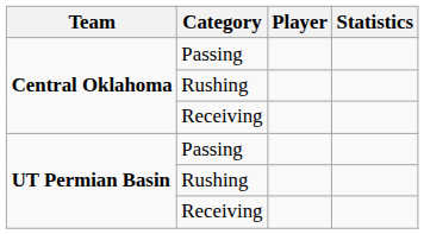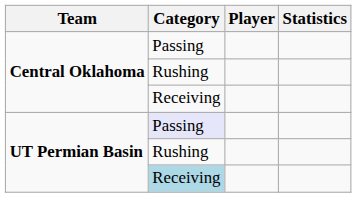 <table class="wikitable" style="float: right;">
 <tr>
 <th>Team</th>
 <th>Category</th>
 <th>Player</th>
 <th>Statistics</th>
 </tr>
 <tr>
 <td rowspan=3><strong>Central Oklahoma</strong></td>
 <td>Passing</td>
 <td></td>
 <td></td>
 </tr>
 <tr>
 <td>Rushing</td>
 <td></td>
 <td></td>
 </tr>
 <tr>
 <td>Receiving</td>
 <td></td>
 <td></td>
 </tr>
 <tr>
 <td rowspan=3><strong>UT Permian Basin</strong></td>
-<td>Passing</td>
+<td style="background: lavender;">Passing</td>
 <td></td>
 <td></td>
 </tr>
 <tr>
 <td>Rushing</td>
 <td></td>
 <td></td>
 </tr>
 <tr>
-<td>Receiving</td>
+<td style="background: lightblue;">Receiving</td>
 <td></td>
 <td></td>
 </tr>
 </table>
